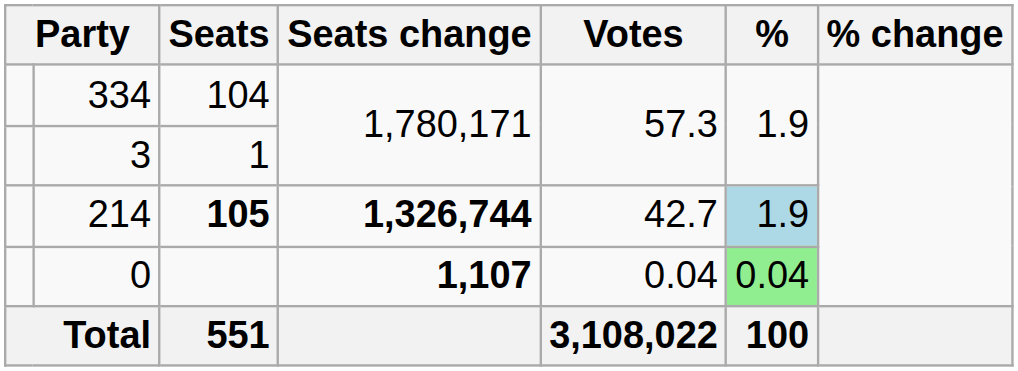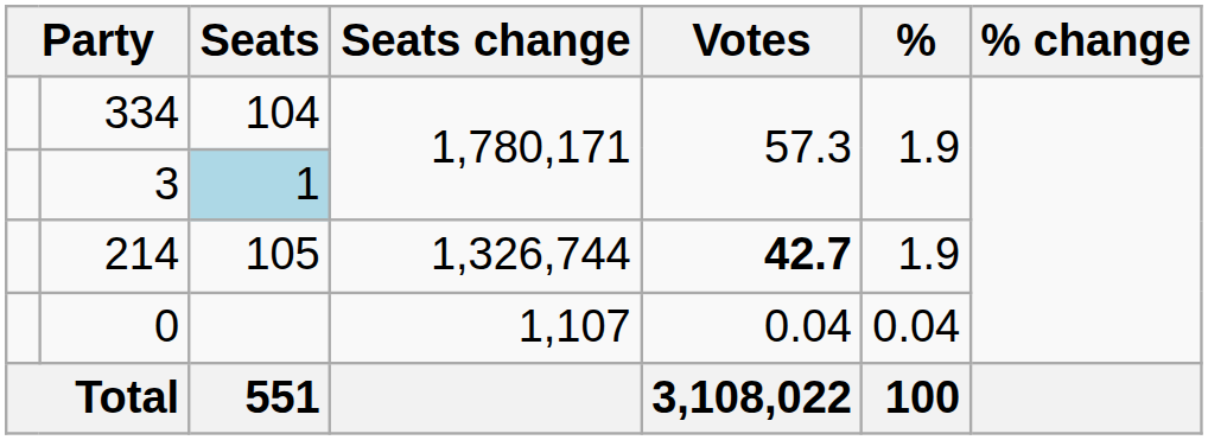 <table class="wikitable sortable">
 <tr>
 <th colspan=2>Party</th>
 <th>Seats</th>
 <th>Seats change</th>
 <th>Votes</th>
 <th>%</th>
 <th>% change</th>
 </tr>
 <tr>
 <td></td>
 <td align=right>334</td>
 <td align=right>104</td>
 <td rowspan=2 align=right>1,780,171</td>
 <td rowspan=2 align=right>57.3</td>
 <td rowspan=2 align=right>1.9</td>
 </tr>
 <tr>
 <td></td>
 <td align=right>3</td>
-<td align=right>1</td>
+<td align=right style="background: lightblue;">1</td>
 </tr>
 <tr>
 <td></td>
 <td align=right>214</td>
-<td align=right><strong>105</strong></td>
-<td align=right><strong>1,326,744</strong></td>
-<td align=right>42.7</td>
-<td align=right style="background: lightblue;">1.9</td>
+<td align=right>105</td>
+<td align=right>1,326,744</td>
+<td align=right><strong>42.7</strong></td>
+<td align=right>1.9</td>
 </tr>
 <tr>
 <td></td>
 <td align=right>0</td>
 <td align=right></td>
-<td align=right><strong>1,107</strong></td>
+<td align=right>1,107</td>
 <td align=right>0.04</td>
-<td align=right style="background: lightgreen;">0.04</td>
+<td align=right>0.04</td>
 </tr>
 <tr class="sortbottom" style="font-weight: bold; text-align: right; background: #f2f2f2;">
 <th colspan="2" style="padding-left: 1.5em; text-align: left;">Total</th>
 <td align=right>551</td>
 <td align=right></td>
 <td align=right>3,108,022</td>
 <td align=right>100</td>
 <td align=right></td>
 </tr>
 </table>
